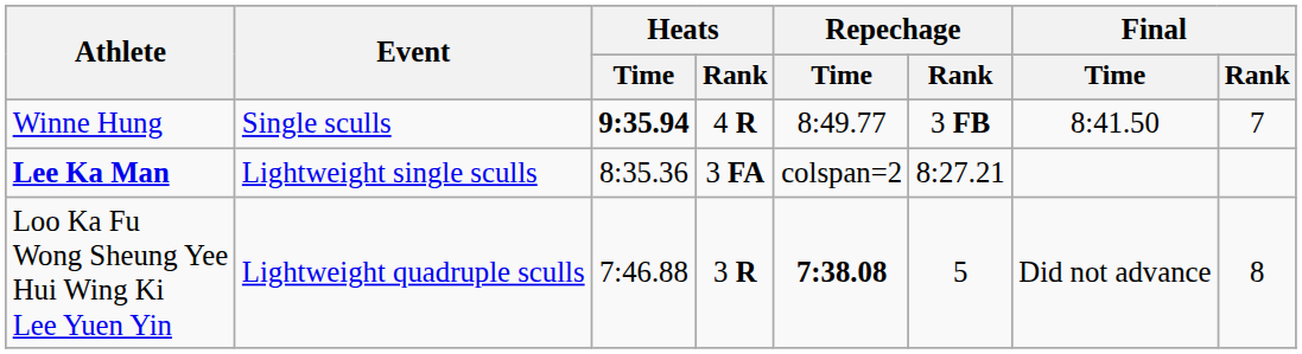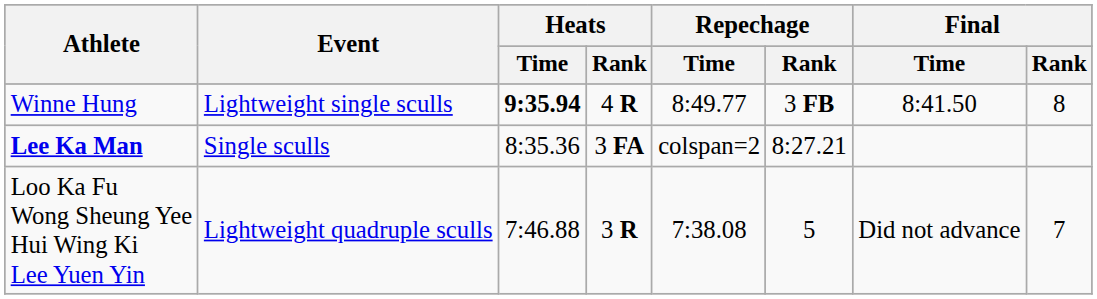 <table class=wikitable style=font-size:90%;text-align:center>
 <tr>
 <th rowspan=2>Athlete</th>
 <th rowspan=2>Event</th>
 <th colspan=2>Heats</th>
 <th colspan=2>Repechage</th>
 <th colspan=2>Final</th>
 </tr>
 <tr style="font-size:95%">
 <th>Time</th>
 <th>Rank</th>
 <th>Time</th>
 <th>Rank</th>
 <th>Time</th>
 <th>Rank</th>
 </tr>
 <tr>
 <td align=left><a href='#'>Winne Hung</a></td>
-<td align=left><a href='#'>Single sculls</a></td>
+<td align=left><a href='#'>Lightweight single sculls</a></td>
 <td><strong>9:35.94</strong></td>
 <td>4 <strong>R</strong></td>
 <td>8:49.77</td>
 <td>3 <strong>FB</strong></td>
 <td>8:41.50</td>
-<td>7</td>
+<td>8</td>
 </tr>
 <tr>
 <td align=left><strong><a href='#'>Lee Ka Man</a></strong></td>
-<td align=left><a href='#'>Lightweight single sculls</a></td>
+<td align=left><a href='#'>Single sculls</a></td>
 <td>8:35.36</td>
 <td>3 <strong>FA</strong></td>
 <td>colspan=2 </td>
 <td>8:27.21</td>
 <td></td>
 </tr>
 <tr>
 <td align=left>Loo Ka Fu<br>Wong Sheung Yee<br>Hui Wing Ki<br><a href='#'>Lee Yuen Yin</a></td>
 <td align=left><a href='#'>Lightweight quadruple sculls</a></td>
 <td>7:46.88</td>
 <td>3 <strong>R</strong></td>
-<td><strong>7:38.08</strong></td>
+<td>7:38.08</td>
 <td>5</td>
 <td>Did not advance</td>
-<td>8</td>
+<td>7</td>
 </tr>
 </table>
